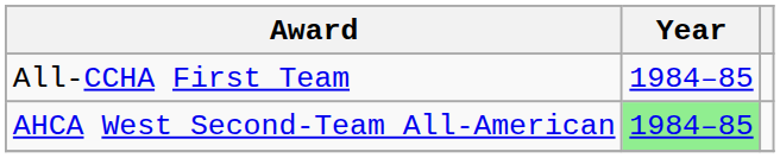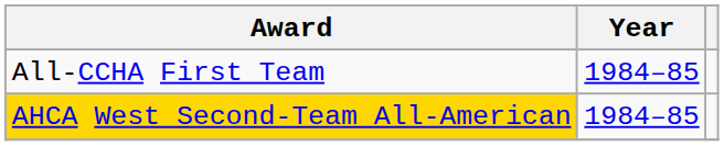 <table class="wikitable">
 <tr>
 <th>Award</th>
 <th>Year</th>
 <th></th>
 </tr>
 <tr>
 <td>All-<a href='#'>CCHA</a> <a href='#'>First Team</a></td>
 <td><a href='#'>1984–85</a></td>
 <td></td>
 </tr>
 <tr>
-<td><a href='#'>AHCA</a> <a href='#'>West Second-Team All-American</a></td>
-<td style="background: lightgreen;"><a href='#'>1984–85</a></td>
+<td style="background: gold;"><a href='#'>AHCA</a> <a href='#'>West Second-Team All-American</a></td>
+<td><a href='#'>1984–85</a></td>
 <td></td>
 </tr>
 <tr>
 </tr>
 </table>
